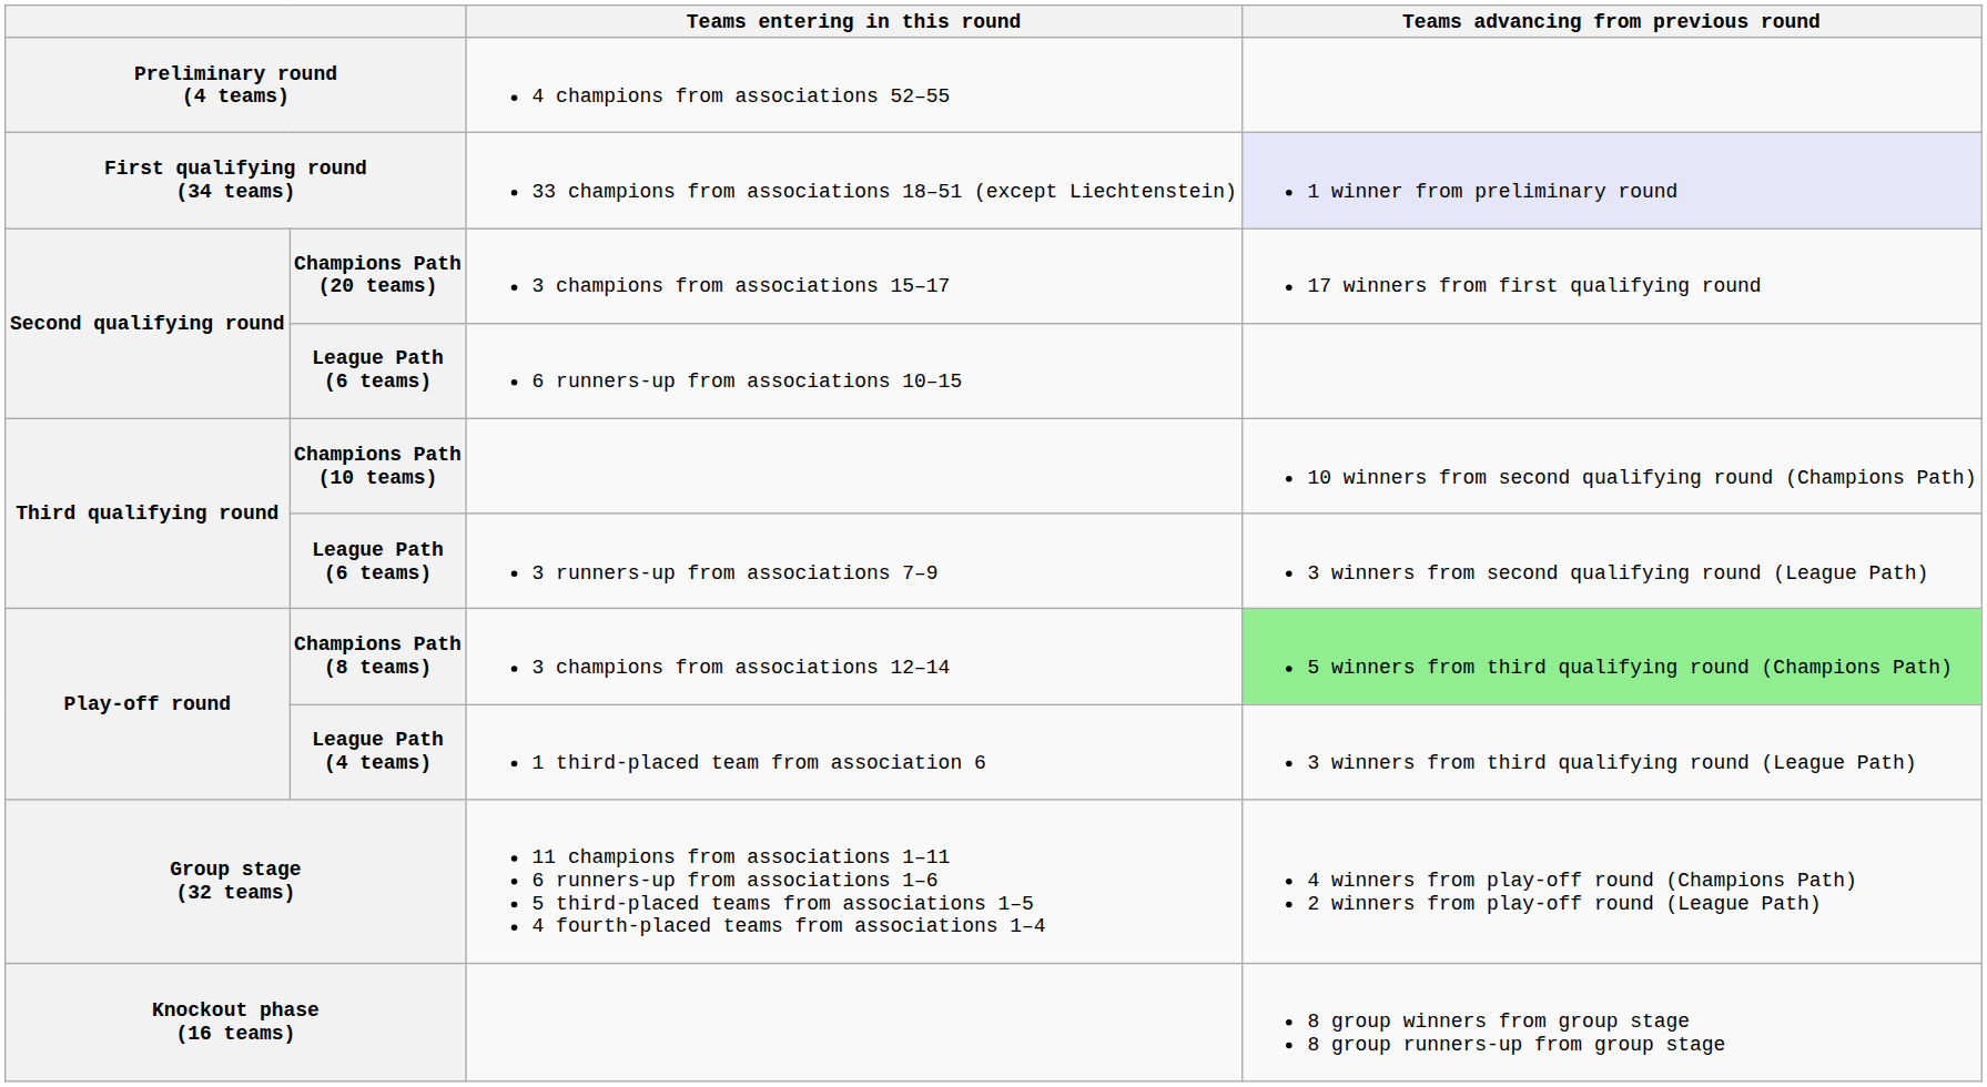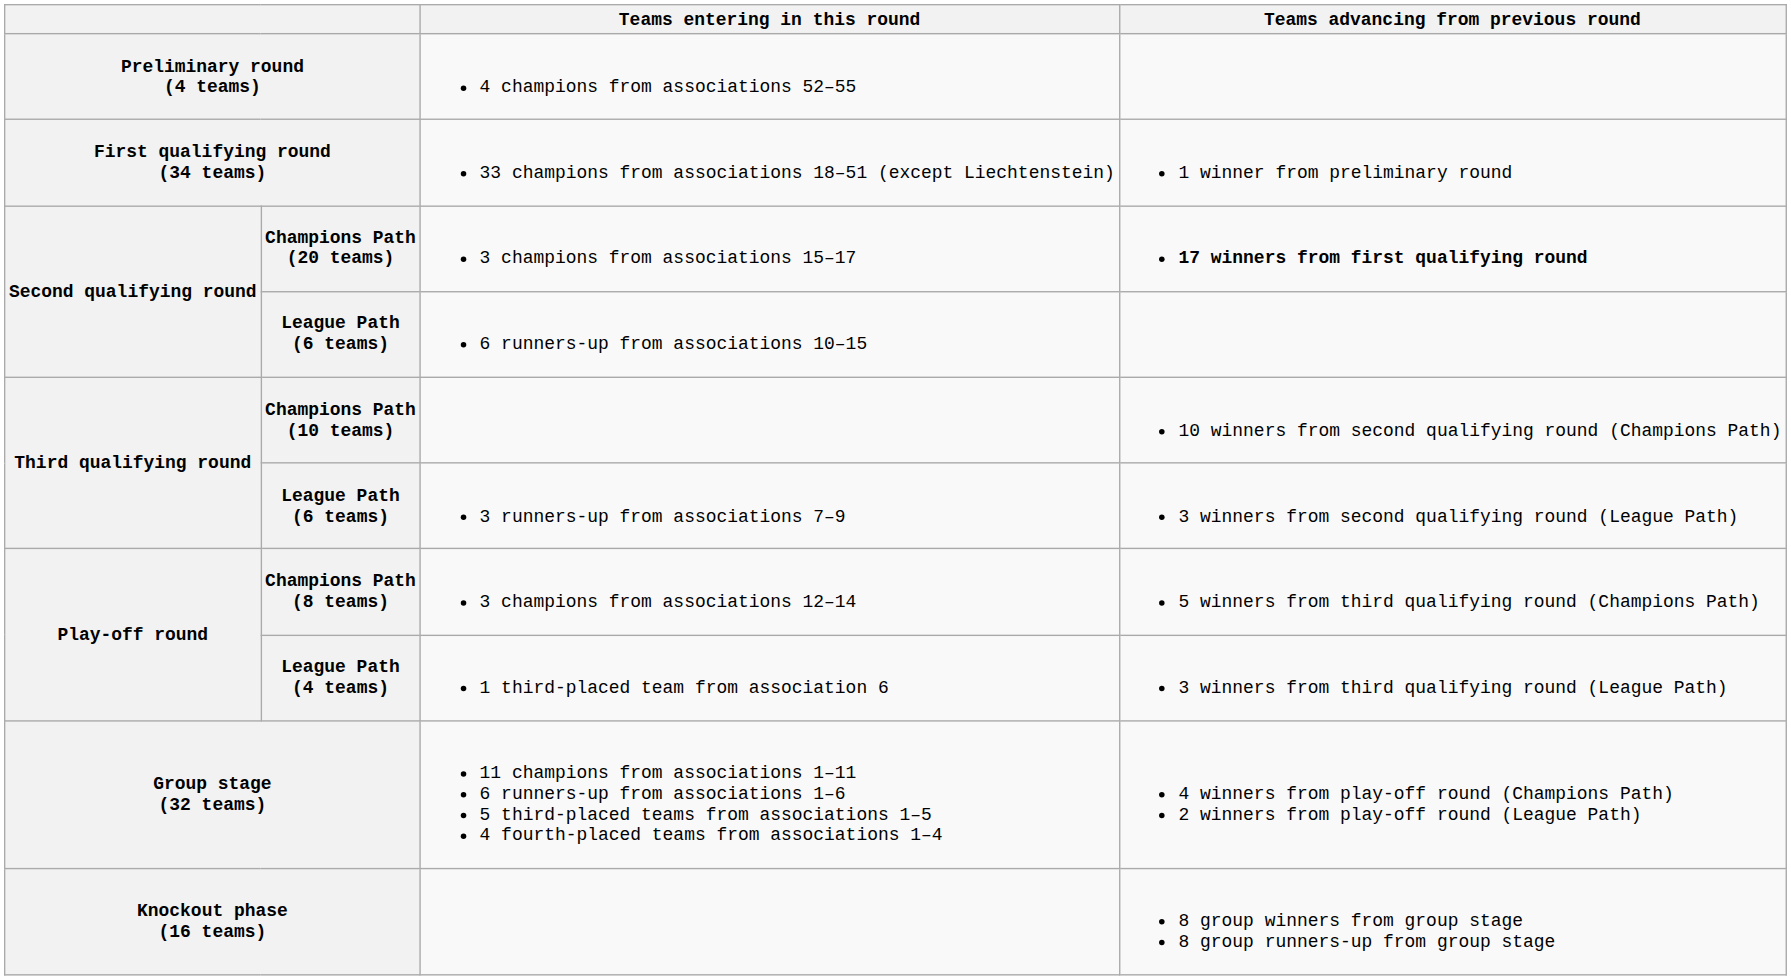 <table class="wikitable" style="line-height:15px;">
 <tr>
 <th colspan=2></th>
 <th>Teams entering in this round</th>
 <th>Teams advancing from previous round</th>
 </tr>
 <tr>
 <th colspan=2>Preliminary round<br>(4 teams)</th>
 <td><br><ul><li>4 champions from associations 52–55</li></ul></td>
 <td></td>
 </tr>
 <tr>
 <th colspan=2>First qualifying round<br>(34 teams)</th>
 <td><br><ul><li>33 champions from associations 18–51 (except Liechtenstein)</li></ul></td>
-<td style="background: lavender;"><br><ul><li>1 winner from preliminary round</li></ul></td>
+<td><br><ul><li>1 winner from preliminary round</li></ul></td>
 </tr>
 <tr>
 <th rowspan=2>Second qualifying round</th>
 <th>Champions Path<br>(20 teams)</th>
 <td><br><ul><li>3 champions from associations 15–17</li></ul></td>
-<td><br><ul><li>17 winners from first qualifying round</li></ul></td>
+<td><strong><br><ul><li>17 winners from first qualifying round</li></ul></strong></td>
 </tr>
 <tr>
 <th>League Path<br>(6 teams)</th>
 <td><br><ul><li>6 runners-up from associations 10–15</li></ul></td>
 <td></td>
 </tr>
 <tr>
 <th rowspan=2>Third qualifying round</th>
 <th>Champions Path<br>(10 teams)</th>
 <td></td>
 <td><br><ul><li>10 winners from second qualifying round (Champions Path)</li></ul></td>
 </tr>
 <tr>
 <th>League Path<br>(6 teams)</th>
 <td><br><ul><li>3 runners-up from associations 7–9</li></ul></td>
 <td><br><ul><li>3 winners from second qualifying round (League Path)</li></ul></td>
 </tr>
 <tr>
 <th rowspan=2>Play-off round</th>
 <th>Champions Path<br>(8 teams)</th>
 <td><br><ul><li>3 champions from associations 12–14</li></ul></td>
-<td style="background: lightgreen;"><br><ul><li>5 winners from third qualifying round (Champions Path)</li></ul></td>
+<td><br><ul><li>5 winners from third qualifying round (Champions Path)</li></ul></td>
 </tr>
 <tr>
 <th>League Path<br>(4 teams)</th>
 <td><br><ul><li>1 third-placed team from association 6</li></ul></td>
 <td><br><ul><li>3 winners from third qualifying round (League Path)</li></ul></td>
 </tr>
 <tr>
 <th colspan=2>Group stage<br>(32 teams)</th>
 <td><br><ul><li>11 champions from associations 1–11</li><li>6 runners-up from associations 1–6</li><li>5 third-placed teams from associations 1–5</li><li>4 fourth-placed teams from associations 1–4</li></ul></td>
 <td><br><ul><li>4 winners from play-off round (Champions Path)</li><li>2 winners from play-off round (League Path)</li></ul></td>
 </tr>
 <tr>
 <th colspan=2>Knockout phase<br>(16 teams)</th>
 <td></td>
 <td><br><ul><li>8 group winners from group stage</li><li>8 group runners-up from group stage</li></ul></td>
 </tr>
 </table>
